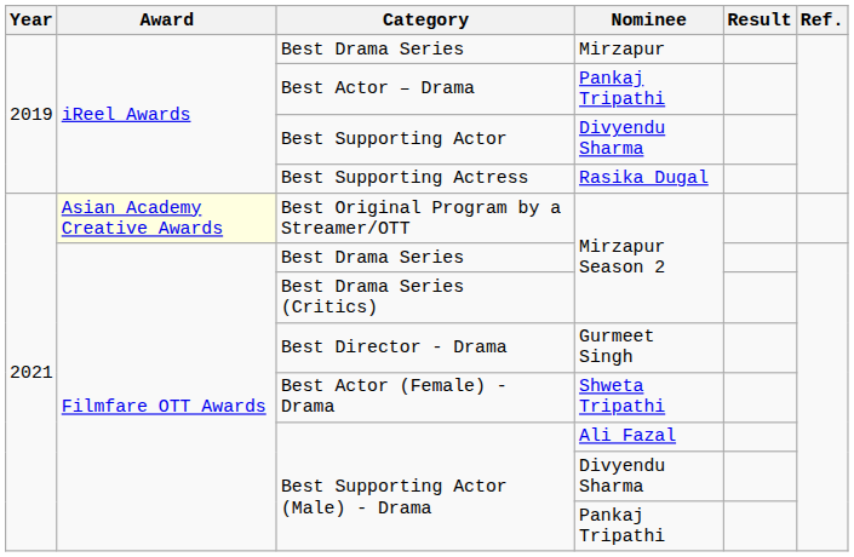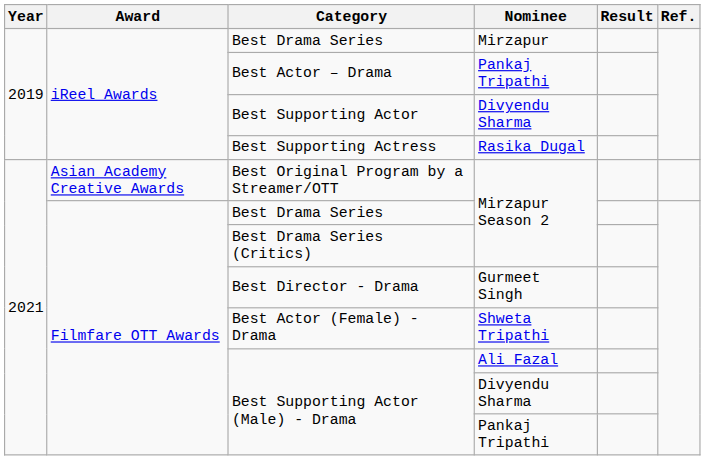 <table class="wikitable plainrowheaders sortable">
 <tr>
 <th scope="col">Year</th>
 <th scope="col">Award</th>
 <th scope="col">Category</th>
 <th scope="col">Nominee</th>
 <th scope="col">Result</th>
 <th scope="col">Ref.</th>
 </tr>
 <tr>
 <td rowspan="4">2019</td>
 <td rowspan="4"><a href='#'>iReel Awards</a></td>
 <td>Best Drama Series</td>
 <td>Mirzapur</td>
 <td></td>
 <td rowspan="4"></td>
 </tr>
 <tr>
 <td>Best Actor – Drama</td>
 <td><a href='#'>Pankaj Tripathi</a></td>
 <td></td>
 </tr>
 <tr>
 <td>Best Supporting Actor</td>
 <td><a href='#'>Divyendu Sharma</a></td>
 <td></td>
 </tr>
 <tr>
 <td>Best Supporting Actress</td>
 <td><a href='#'>Rasika Dugal</a></td>
 <td></td>
 </tr>
 <tr>
 <td rowspan=8>2021</td>
-<td style="background: lightyellow;"><a href='#'>Asian Academy Creative Awards</a></td>
+<td><a href='#'>Asian Academy Creative Awards</a></td>
 <td>Best Original Program by a Streamer/OTT</td>
 <td rowspan=3>Mirzapur Season 2</td>
 <td></td>
 <td></td>
 </tr>
 <tr>
 <td rowspan=7><br><a href='#'>Filmfare OTT Awards</a></td>
 <td>Best Drama Series</td>
 <td></td>
 <td rowspan=7></td>
 </tr>
 <tr>
 <td>Best Drama Series (Critics)</td>
 <td></td>
 </tr>
 <tr>
 <td>Best Director - Drama</td>
 <td>Gurmeet Singh</td>
 <td></td>
 </tr>
 <tr>
 <td>Best Actor (Female) - Drama</td>
 <td><a href='#'>Shweta Tripathi</a></td>
 <td></td>
 </tr>
 <tr>
 <td rowspan=3><br>Best Supporting Actor (Male) - Drama</td>
 <td><a href='#'>Ali Fazal</a></td>
 <td></td>
 </tr>
 <tr>
 <td>Divyendu Sharma</td>
 <td></td>
 </tr>
 <tr>
 <td>Pankaj Tripathi</td>
 <td></td>
 </tr>
 </table>
